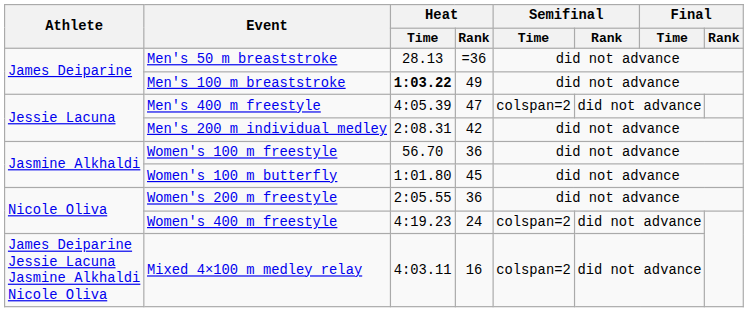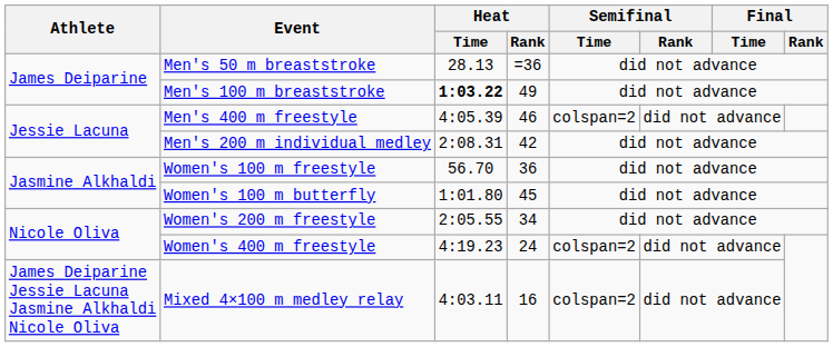 <table class=wikitable style="font-size:90%">
 <tr>
 <th rowspan="2">Athlete</th>
 <th rowspan="2">Event</th>
 <th colspan="2">Heat</th>
 <th colspan="2">Semifinal</th>
 <th colspan="2">Final</th>
 </tr>
 <tr style="font-size:95%">
 <th>Time</th>
 <th>Rank</th>
 <th>Time</th>
 <th>Rank</th>
 <th>Time</th>
 <th>Rank</th>
 </tr>
 <tr align=center>
 <td align=left rowspan=2><a href='#'>James Deiparine</a></td>
 <td align=left><a href='#'>Men's 50 m breaststroke</a></td>
 <td>28.13</td>
 <td>=36</td>
 <td colspan=4>did not advance</td>
 </tr>
 <tr align=center>
 <td align=left><a href='#'>Men's 100 m breaststroke</a></td>
 <td><strong>1:03.22</strong></td>
 <td>49</td>
 <td colspan=4>did not advance</td>
 </tr>
 <tr align=center>
 <td align=left rowspan=2><a href='#'>Jessie Lacuna</a></td>
 <td align=left><a href='#'>Men's 400 m freestyle</a></td>
 <td>4:05.39</td>
-<td>47</td>
+<td>46</td>
 <td>colspan=2 </td>
 <td colspan=2>did not advance</td>
 </tr>
 <tr align=center>
 <td align=left><a href='#'>Men's 200 m individual medley</a></td>
 <td>2:08.31</td>
 <td>42</td>
 <td colspan=4>did not advance</td>
 </tr>
 <tr align=center>
 <td align=left rowspan=2><a href='#'>Jasmine Alkhaldi</a></td>
 <td align=left><a href='#'>Women's 100 m freestyle</a></td>
 <td>56.70</td>
 <td>36</td>
 <td colspan=4>did not advance</td>
 </tr>
 <tr align=center>
 <td align=left><a href='#'>Women's 100 m butterfly</a></td>
 <td>1:01.80</td>
 <td>45</td>
 <td colspan=4>did not advance</td>
 </tr>
 <tr align=center>
 <td align=left rowspan=2><a href='#'>Nicole Oliva</a></td>
 <td align=left><a href='#'>Women's 200 m freestyle</a></td>
 <td>2:05.55</td>
-<td>36</td>
+<td>34</td>
 <td colspan=4>did not advance</td>
 </tr>
 <tr align=center>
 <td align=left><a href='#'>Women's 400 m freestyle</a></td>
 <td>4:19.23</td>
 <td>24</td>
 <td>colspan=2 </td>
 <td colspan=2>did not advance</td>
 </tr>
 <tr align=center>
 <td align=left><a href='#'>James Deiparine</a><br><a href='#'>Jessie Lacuna</a><br><a href='#'>Jasmine Alkhaldi</a><br><a href='#'>Nicole Oliva</a></td>
 <td align=left><a href='#'>Mixed 4×100 m medley relay</a></td>
 <td>4:03.11</td>
 <td>16</td>
 <td>colspan=2 </td>
 <td colspan=2>did not advance</td>
 </tr>
 </table>
